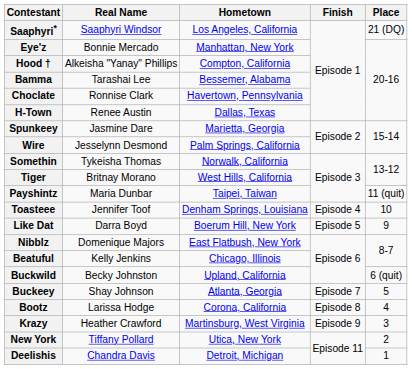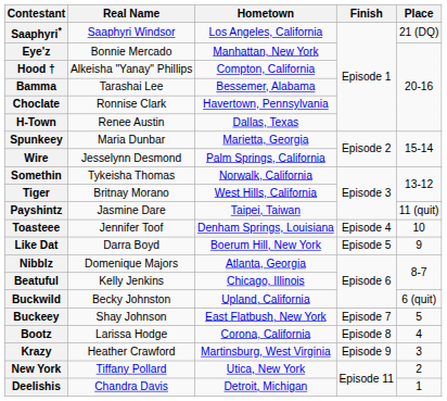 <table class="wikitable sortable" style="text-align:center;">
 <tr>
 <th>Contestant</th>
 <th>Real Name</th>
 <th>Hometown</th>
 <th>Finish</th>
 <th>Place</th>
 </tr>
 <tr>
 <th>Saaphyri<sup>*</sup></th>
 <td><a href='#'>Saaphyri Windsor</a></td>
 <td><a href='#'>Los Angeles, California</a></td>
 <td rowspan="6">Episode 1</td>
 <td>21 (DQ)</td>
 </tr>
 <tr>
 <th>Eye'z</th>
 <td>Bonnie Mercado</td>
 <td><a href='#'>Manhattan, New York</a></td>
 <td rowspan="5">20-16</td>
 </tr>
 <tr>
 <th>Hood †</th>
 <td>Alkeisha "Yanay" Phillips</td>
 <td><a href='#'>Compton, California</a></td>
 </tr>
 <tr>
 <th>Bamma</th>
 <td>Tarashai Lee</td>
 <td><a href='#'>Bessemer, Alabama</a></td>
 </tr>
 <tr>
 <th>Choclate</th>
 <td>Ronnise Clark</td>
 <td><a href='#'>Havertown, Pennsylvania</a></td>
 </tr>
 <tr>
 <th>H-Town</th>
 <td>Renee Austin</td>
 <td><a href='#'>Dallas, Texas</a></td>
 </tr>
 <tr>
 <th>Spunkeey</th>
-<td>Jasmine Dare</td>
+<td>Maria Dunbar</td>
 <td><a href='#'>Marietta, Georgia</a></td>
 <td rowspan="2">Episode 2</td>
 <td rowspan="2">15-14</td>
 </tr>
 <tr>
 <th>Wire</th>
 <td>Jesselynn Desmond</td>
 <td><a href='#'>Palm Springs, California</a></td>
 </tr>
 <tr>
 <th>Somethin</th>
 <td>Tykeisha Thomas</td>
 <td><a href='#'>Norwalk, California</a></td>
 <td rowspan="3">Episode 3</td>
 <td rowspan="2">13-12</td>
 </tr>
 <tr>
 <th>Tiger</th>
 <td>Britnay Morano</td>
 <td><a href='#'>West Hills, California</a></td>
 </tr>
 <tr>
 <th>Payshintz</th>
-<td>Maria Dunbar</td>
+<td>Jasmine Dare</td>
 <td><a href='#'>Taipei, Taiwan</a></td>
 <td>11 (quit)</td>
 </tr>
 <tr>
 <th>Toasteee</th>
 <td>Jennifer Toof</td>
 <td><a href='#'>Denham Springs, Louisiana</a></td>
 <td>Episode 4</td>
 <td>10</td>
 </tr>
 <tr>
 <th>Like Dat</th>
 <td>Darra Boyd</td>
 <td><a href='#'>Boerum Hill, New York</a></td>
 <td>Episode 5</td>
 <td>9</td>
 </tr>
 <tr>
 <th>Nibblz</th>
 <td>Domenique Majors</td>
-<td><a href='#'>East Flatbush, New York</a></td>
+<td><a href='#'>Atlanta, Georgia</a></td>
 <td rowspan="3">Episode 6</td>
 <td rowspan="2">8-7</td>
 </tr>
 <tr>
 <th>Beatuful</th>
 <td>Kelly Jenkins</td>
 <td><a href='#'>Chicago, Illinois</a></td>
 </tr>
 <tr>
 <th>Buckwild</th>
 <td>Becky Johnston</td>
 <td><a href='#'>Upland, California</a></td>
 <td>6 (quit)</td>
 </tr>
 <tr>
 <th>Buckeey</th>
 <td>Shay Johnson</td>
-<td><a href='#'>Atlanta, Georgia</a></td>
+<td><a href='#'>East Flatbush, New York</a></td>
 <td>Episode 7</td>
 <td>5</td>
 </tr>
 <tr>
 <th>Bootz</th>
 <td>Larissa Hodge</td>
 <td><a href='#'>Corona, California</a></td>
 <td>Episode 8</td>
 <td>4</td>
 </tr>
 <tr>
 <th>Krazy</th>
 <td>Heather Crawford</td>
 <td><a href='#'>Martinsburg, West Virginia</a></td>
 <td>Episode 9</td>
 <td>3</td>
 </tr>
 <tr>
 <th>New York</th>
 <td><a href='#'>Tiffany Pollard</a></td>
 <td><a href='#'>Utica, New York</a></td>
 <td rowspan="2">Episode 11</td>
 <td>2</td>
 </tr>
 <tr>
 <th>Deelishis</th>
 <td><a href='#'>Chandra Davis</a></td>
 <td><a href='#'>Detroit, Michigan</a></td>
 <td>1</td>
 </tr>
 </table>
